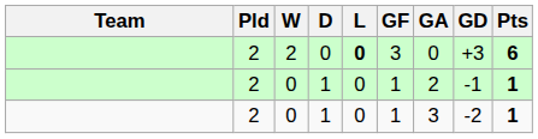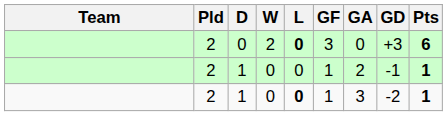 <table class="wikitable" style="text-align: center;">
 <tr>
 <th width=175>Team</th>
 <th width=20 abbr="Played">Pld</th>
+<th width=20 abbr="Drawn">D</th>
 <th width=20 abbr="Won">W</th>
-<th width=20 abbr="Drawn">D</th>
 <th width=20 abbr="Lost">L</th>
 <th width=20 abbr="Goals for">GF</th>
 <th width=20 abbr="Goals against">GA</th>
 <th width=20 abbr="Goal difference">GD</th>
 <th width=20 abbr="Points">Pts</th>
 </tr>
 <tr bgcolor=#ccffcc>
 <td></td>
 <td>2</td>
+<td 0>0</td>
 <td>2</td>
-<td 0>0</td>
 <td><strong>0</strong></td>
 <td>3</td>
 <td>0</td>
 <td>+3</td>
 <td><strong>6</strong></td>
 </tr>
 <tr bgcolor=#ccffcc>
 <td></td>
 <td>2</td>
+<td>1</td>
 <td>0</td>
-<td>1</td>
 <td>0</td>
 <td>1</td>
 <td>2</td>
 <td>-1</td>
 <td><strong>1</strong></td>
 </tr>
 <tr>
 <td></td>
 <td>2</td>
-<td>0</td>
 <td>1</td>
 <td>0</td>
+<td><strong>0</strong></td>
 <td>1</td>
 <td>3</td>
 <td>-2</td>
 <td><strong>1</strong></td>
 </tr>
 </table>
